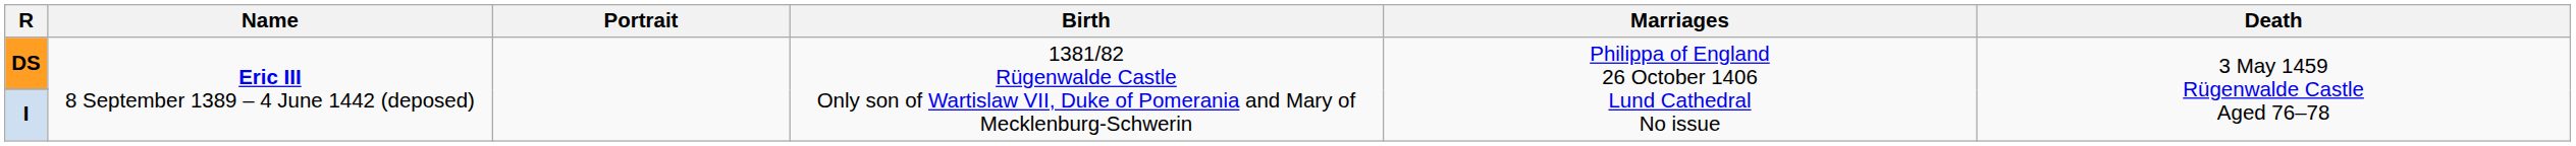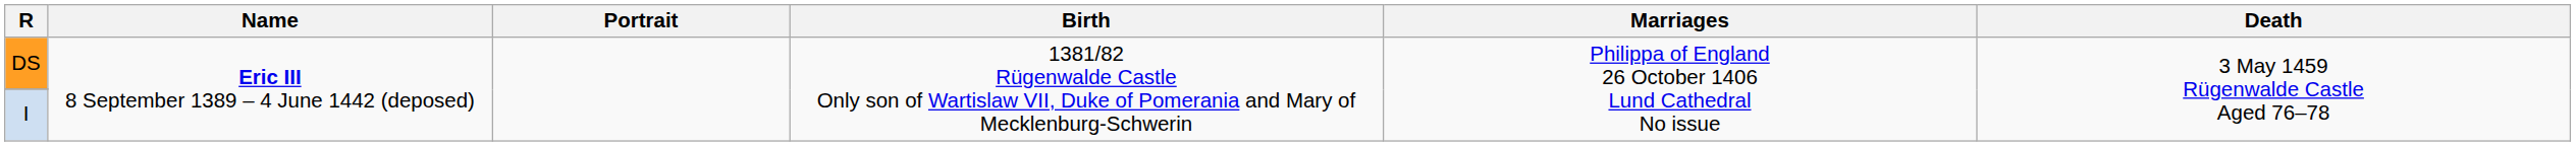 <table style="text-align:center" class="wikitable">
 <tr>
 <th width=1%>R</th>
 <th width=15%>Name</th>
 <th width=10%>Portrait</th>
 <th width=20%>Birth</th>
 <th width=20%>Marriages</th>
 <th width=20%>Death</th>
 </tr>
 <tr>
-<td style="background-color:#FF9E23; text-align:center"><strong>DS</strong></td>
+<td style="background-color:#FF9E23; text-align:center">DS</td>
 <td rowspan=3><strong><a href='#'>Eric III</a></strong><br>8 September 1389 – 4 June 1442 (deposed)<br></td>
 <td rowspan=3></td>
 <td rowspan=3> 1381/82<br><a href='#'>Rügenwalde Castle</a><br>Only son of <a href='#'>Wartislaw VII, Duke of Pomerania</a> and Mary of Mecklenburg-Schwerin</td>
 <td rowspan=3><a href='#'>Philippa of England</a><br>26 October 1406<br><a href='#'>Lund Cathedral</a><br>No issue</td>
 <td rowspan=3>3 May 1459<br><a href='#'>Rügenwalde Castle</a><br>Aged 76–78</td>
 </tr>
 <tr>
 </tr>
 <tr>
-<td style="background-color:#CEDFF2; text-align:center"><strong>I</strong></td>
+<td style="background-color:#CEDFF2; text-align:center">I</td>
 </tr>
 </table>
